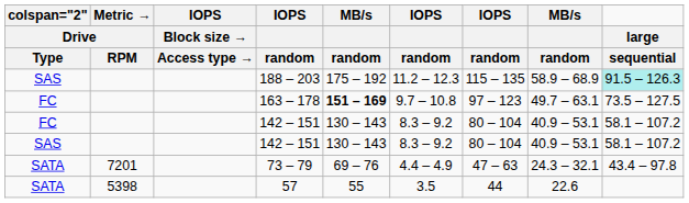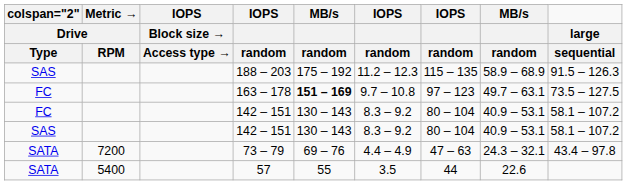 <table class="wikitable sortable sort-under" style="text-align:center;">
 <tr>
 <th>colspan="2" </th>
 <th scope="col" >Metric →</th>
 <th scope="col">IOPS</th>
 <th scope="col">IOPS</th>
 <th scope="col">MB/s</th>
 <th scope="col">IOPS</th>
 <th scope="col">IOPS</th>
 <th scope="col">MB/s</th>
 </tr>
 <tr>
 <th scope="col" colspan="2">Drive</th>
 <th scope="col" >Block size →</th>
 <th scope="col"></th>
 <th scope="col"></th>
 <th scope="col"></th>
 <th scope="col"></th>
 <th scope="col"></th>
 <th scope="col">large</th>
 </tr>
 <tr style="vertical-align:top;">
 <th scope="col">Type</th>
 <th scope="col">RPM</th>
 <th scope="col" >Access type →</th>
 <th scope="col">random</th>
 <th scope="col">random</th>
 <th scope="col">random</th>
 <th scope="col">random</th>
 <th scope="col">random</th>
 <th scope="col">sequential</th>
 </tr>
 <tr>
 <td><a href='#'>SAS</a></td>
 <td></td>
 <td></td>
 <td>188 – 203</td>
 <td>175 – 192</td>
 <td>11.2 – 12.3</td>
 <td>115 – 135</td>
 <td>58.9 – 68.9</td>
-<td style="background: paleturquoise;">91.5 – 126.3</td>
+<td>91.5 – 126.3</td>
 </tr>
 <tr>
 <td><a href='#'>FC</a></td>
 <td></td>
 <td></td>
 <td>163 – 178</td>
 <td><strong>151 – 169</strong></td>
 <td>9.7 – 10.8</td>
 <td>97 – 123</td>
 <td>49.7 – 63.1</td>
 <td>73.5 – 127.5</td>
 </tr>
 <tr>
 <td><a href='#'>FC</a></td>
 <td></td>
 <td></td>
 <td>142 – 151</td>
 <td>130 – 143</td>
 <td>8.3 – 9.2</td>
 <td>80 – 104</td>
 <td>40.9 – 53.1</td>
 <td>58.1 – 107.2</td>
 </tr>
 <tr>
 <td><a href='#'>SAS</a></td>
 <td></td>
 <td></td>
 <td>142 – 151</td>
 <td>130 – 143</td>
 <td>8.3 – 9.2</td>
 <td>80 – 104</td>
 <td>40.9 – 53.1</td>
 <td>58.1 – 107.2</td>
 </tr>
 <tr>
 <td><a href='#'>SATA</a></td>
-<td>7201</td>
+<td>7200</td>
 <td></td>
 <td>73 – 79</td>
 <td>69 – 76</td>
 <td>4.4 – 4.9</td>
 <td>47 – 63</td>
 <td>24.3 – 32.1</td>
 <td>43.4 – 97.8</td>
 </tr>
 <tr>
 <td><a href='#'>SATA</a></td>
-<td>5398</td>
+<td>5400</td>
 <td></td>
 <td>57</td>
 <td>55</td>
 <td>3.5</td>
 <td>44</td>
 <td>22.6</td>
 <td></td>
 </tr>
 </table>
